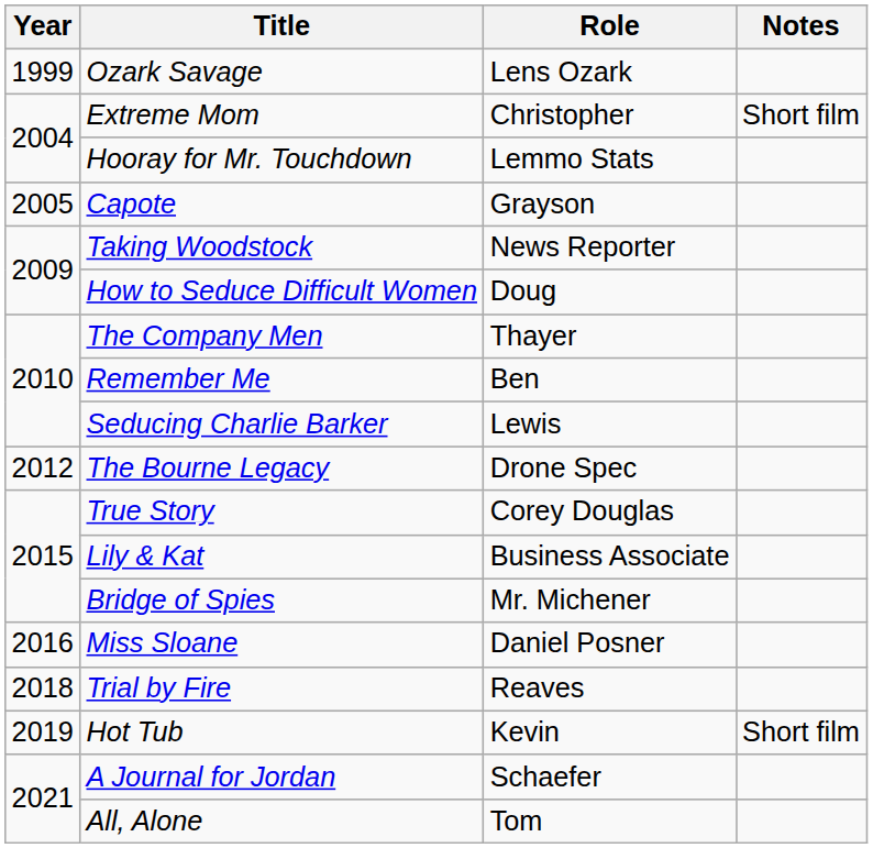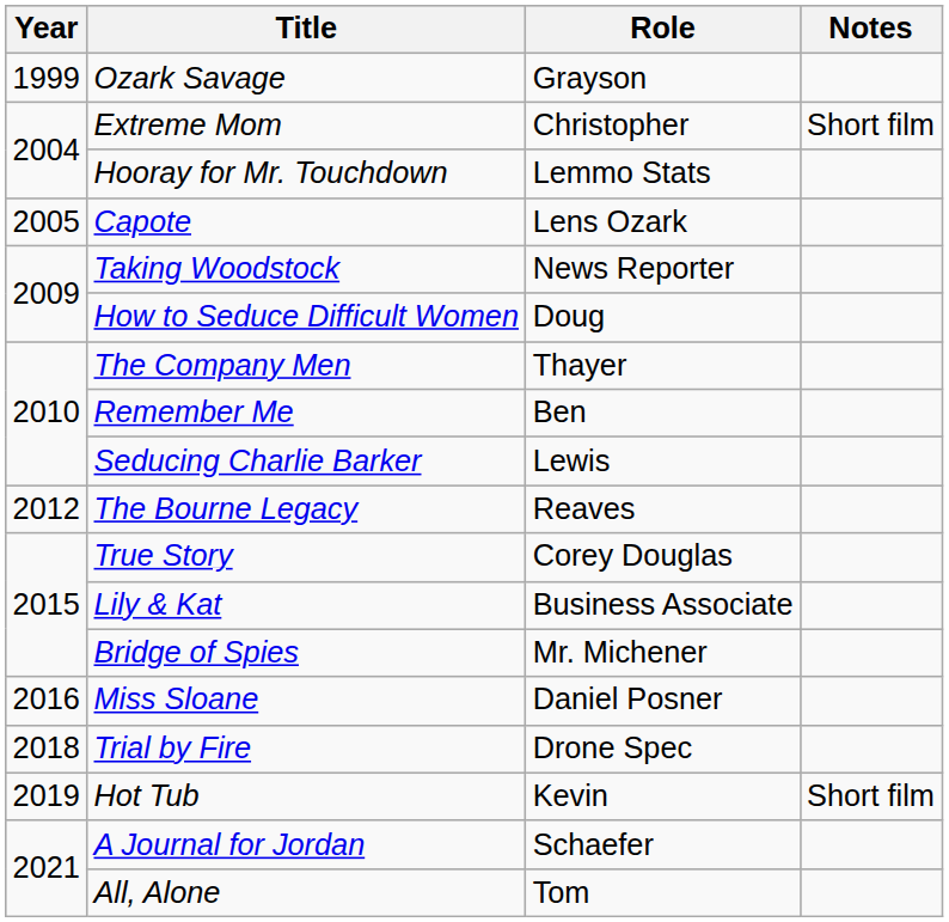 <table class="wikitable">
 <tr>
 <th>Year</th>
 <th>Title</th>
 <th>Role</th>
 <th>Notes</th>
 </tr>
 <tr>
 <td>1999</td>
 <td><em>Ozark Savage</em></td>
-<td>Lens Ozark</td>
+<td>Grayson</td>
 <td></td>
 </tr>
 <tr>
 <td rowspan="2">2004</td>
 <td><em>Extreme Mom</em></td>
 <td>Christopher</td>
 <td>Short film</td>
 </tr>
 <tr>
 <td><em>Hooray for Mr. Touchdown</em></td>
 <td>Lemmo Stats</td>
 <td></td>
 </tr>
 <tr>
 <td>2005</td>
 <td><em><a href='#'>Capote</a></em></td>
-<td>Grayson</td>
+<td>Lens Ozark</td>
 <td></td>
 </tr>
 <tr>
 <td rowspan="2">2009</td>
 <td><em><a href='#'>Taking Woodstock</a></em></td>
 <td>News Reporter</td>
 <td></td>
 </tr>
 <tr>
 <td><em><a href='#'>How to Seduce Difficult Women</a></em></td>
 <td>Doug</td>
 <td></td>
 </tr>
 <tr>
 <td rowspan="3">2010</td>
 <td><em><a href='#'>The Company Men</a></em></td>
 <td>Thayer</td>
 <td></td>
 </tr>
 <tr>
 <td><em><a href='#'>Remember Me</a></em></td>
 <td>Ben</td>
 <td></td>
 </tr>
 <tr>
 <td><em><a href='#'>Seducing Charlie Barker</a></em></td>
 <td>Lewis</td>
 <td></td>
 </tr>
 <tr>
 <td>2012</td>
 <td><em><a href='#'>The Bourne Legacy</a></em></td>
-<td>Drone Spec</td>
+<td>Reaves</td>
 <td></td>
 </tr>
 <tr>
 <td rowspan="3">2015</td>
 <td><em><a href='#'>True Story</a></em></td>
 <td>Corey Douglas</td>
 <td></td>
 </tr>
 <tr>
 <td><em><a href='#'>Lily & Kat</a></em></td>
 <td>Business Associate</td>
 <td></td>
 </tr>
 <tr>
 <td><em><a href='#'>Bridge of Spies</a></em></td>
 <td>Mr. Michener</td>
 <td></td>
 </tr>
 <tr>
 <td>2016</td>
 <td><em><a href='#'>Miss Sloane</a></em></td>
 <td>Daniel Posner</td>
 <td></td>
 </tr>
 <tr>
 <td>2018</td>
 <td><em><a href='#'>Trial by Fire</a></em></td>
-<td>Reaves</td>
+<td>Drone Spec</td>
 <td></td>
 </tr>
 <tr>
 <td>2019</td>
 <td><em>Hot Tub</em></td>
 <td>Kevin</td>
 <td>Short film</td>
 </tr>
 <tr>
 <td rowspan="2">2021</td>
 <td><em><a href='#'>A Journal for Jordan</a></em></td>
 <td>Schaefer</td>
 <td></td>
 </tr>
 <tr>
 <td><em>All, Alone</em></td>
 <td>Tom</td>
 <td></td>
 </tr>
 </table>
